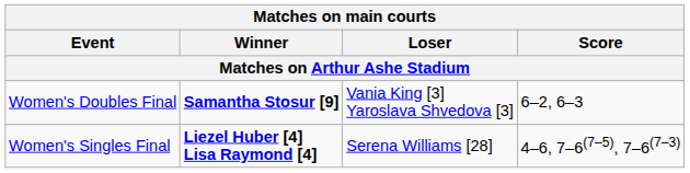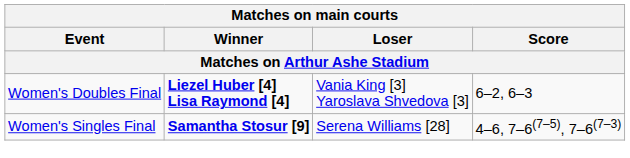 <table class="wikitable collapsible uncollapsed" style=margin:auto>
 <tr>
 <th colspan=4><strong>Matches on main courts</strong></th>
 </tr>
 <tr>
 <th>Event</th>
 <th>Winner</th>
 <th>Loser</th>
 <th>Score</th>
 </tr>
 <tr>
 <th colspan=4><strong>Matches on <a href='#'>Arthur Ashe Stadium</a></strong></th>
 </tr>
 <tr>
 <td><a href='#'>Women's Doubles Final</a></td>
-<td> <strong><a href='#'>Samantha Stosur</a> [9]</strong></td>
+<td> <strong><a href='#'>Liezel Huber</a> [4]</strong><br> <strong><a href='#'>Lisa Raymond</a> [4]</strong></td>
 <td> <a href='#'>Vania King</a> [3]<strong> <br> </strong><a href='#'>Yaroslava Shvedova</a> [3]</td>
 <td>6–2, 6–3</td>
 </tr>
 <tr>
 <td><a href='#'>Women's Singles Final</a></td>
-<td> <strong><a href='#'>Liezel Huber</a> [4]</strong><br> <strong><a href='#'>Lisa Raymond</a> [4]</strong></td>
+<td> <strong><a href='#'>Samantha Stosur</a> [9]</strong></td>
 <td> <a href='#'>Serena Williams</a> [28]</td>
 <td>4–6, 7–6<sup>(7–5)</sup>, 7–6<sup>(7–3)</sup></td>
 </tr>
 </table>
